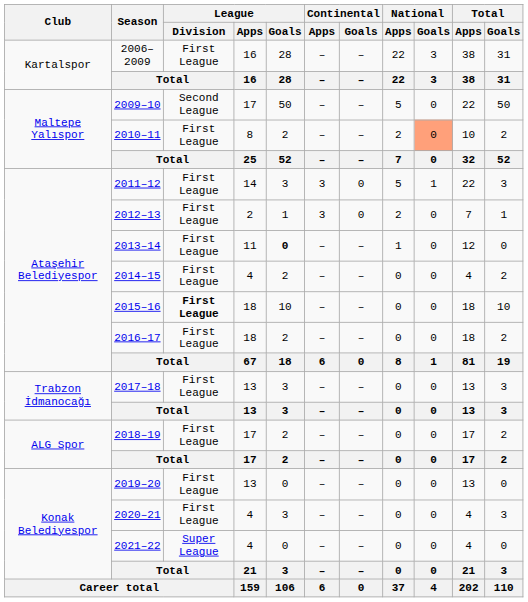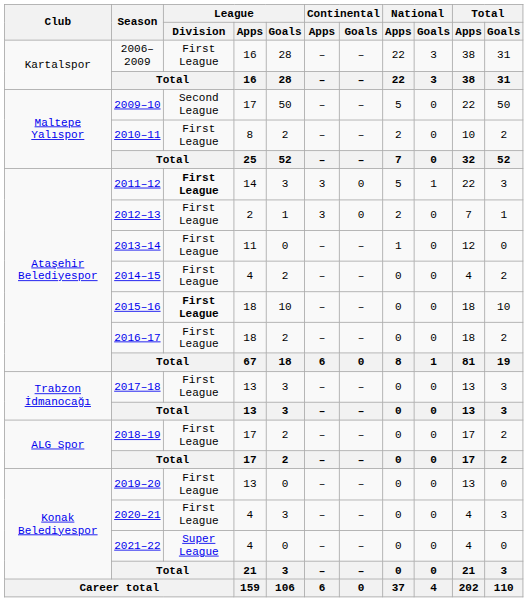 <table class="wikitable" style="text-align: center;">
 <tr>
 <th rowspan=2>Club</th>
 <th rowspan=2>Season</th>
 <th colspan=3>League</th>
 <th colspan=2>Continental</th>
 <th colspan=2>National</th>
 <th colspan=2>Total</th>
 </tr>
 <tr>
 <th>Division</th>
 <th>Apps</th>
 <th>Goals</th>
 <th>Apps</th>
 <th>Goals</th>
 <th>Apps</th>
 <th>Goals</th>
 <th>Apps</th>
 <th>Goals</th>
 </tr>
 <tr>
 <td rowspan=2>Kartalspor</td>
 <td>2006–2009</td>
 <td>First League</td>
 <td>16</td>
 <td>28</td>
 <td>–</td>
 <td>–</td>
 <td>22</td>
 <td>3</td>
 <td>38</td>
 <td>31</td>
 </tr>
 <tr>
 <th colspan=2>Total</th>
 <th>16</th>
 <th>28</th>
 <th>–</th>
 <th>–</th>
 <th>22</th>
 <th>3</th>
 <th>38</th>
 <th>31</th>
 </tr>
 <tr>
 <td rowspan=3><a href='#'>Maltepe Yalıspor</a></td>
 <td><a href='#'>2009–10</a></td>
 <td>Second League</td>
 <td>17</td>
 <td>50</td>
 <td>–</td>
 <td>–</td>
 <td>5</td>
 <td>0</td>
 <td>22</td>
 <td>50</td>
 </tr>
 <tr>
 <td><a href='#'>2010–11</a></td>
 <td>First League</td>
 <td>8</td>
 <td>2</td>
 <td>–</td>
 <td>–</td>
 <td>2</td>
-<td style="background: lightsalmon;">0</td>
+<td>0</td>
 <td>10</td>
 <td>2</td>
 </tr>
 <tr>
 <th colspan=2>Total</th>
 <th>25</th>
 <th>52</th>
 <th>–</th>
 <th>–</th>
 <th>7</th>
 <th>0</th>
 <th>32</th>
 <th>52</th>
 </tr>
 <tr>
 <td rowspan=7><a href='#'>Ataşehir Belediyespor</a></td>
 <td><a href='#'>2011–12</a></td>
-<td>First League</td>
+<td><strong>First League</strong></td>
 <td>14</td>
 <td>3</td>
 <td>3</td>
 <td>0</td>
 <td>5</td>
 <td>1</td>
 <td>22</td>
 <td>3</td>
 </tr>
 <tr>
 <td><a href='#'>2012–13</a></td>
 <td>First League</td>
 <td>2</td>
 <td>1</td>
 <td>3</td>
 <td>0</td>
 <td>2</td>
 <td>0</td>
 <td>7</td>
 <td>1</td>
 </tr>
 <tr>
 <td><a href='#'>2013–14</a></td>
 <td>First League</td>
 <td>11</td>
-<td><strong>0</strong></td>
+<td>0</td>
 <td>–</td>
 <td>–</td>
 <td>1</td>
 <td>0</td>
 <td>12</td>
 <td>0</td>
 </tr>
 <tr>
 <td><a href='#'>2014–15</a></td>
 <td>First League</td>
 <td>4</td>
 <td>2</td>
 <td>–</td>
 <td>–</td>
 <td>0</td>
 <td>0</td>
 <td>4</td>
 <td>2</td>
 </tr>
 <tr>
 <td><a href='#'>2015–16</a></td>
 <td><strong>First League</strong></td>
 <td>18</td>
 <td>10</td>
 <td>–</td>
 <td>–</td>
 <td>0</td>
 <td>0</td>
 <td>18</td>
 <td>10</td>
 </tr>
 <tr>
 <td><a href='#'>2016–17</a></td>
 <td>First League</td>
 <td>18</td>
 <td>2</td>
 <td>–</td>
 <td>–</td>
 <td>0</td>
 <td>0</td>
 <td>18</td>
 <td>2</td>
 </tr>
 <tr>
 <th colspan=2>Total</th>
 <th>67</th>
 <th>18</th>
 <th>6</th>
 <th>0</th>
 <th>8</th>
 <th>1</th>
 <th>81</th>
 <th>19</th>
 </tr>
 <tr>
 <td rowspan=2><a href='#'>Trabzon İdmanocağı</a></td>
 <td><a href='#'>2017–18</a></td>
 <td>First League</td>
 <td>13</td>
 <td>3</td>
 <td>–</td>
 <td>–</td>
 <td>0</td>
 <td>0</td>
 <td>13</td>
 <td>3</td>
 </tr>
 <tr>
 <th colspan=2>Total</th>
 <th>13</th>
 <th>3</th>
 <th>–</th>
 <th>–</th>
 <th>0</th>
 <th>0</th>
 <th>13</th>
 <th>3</th>
 </tr>
 <tr>
 <td rowspan=2><a href='#'>ALG Spor</a></td>
 <td><a href='#'>2018–19</a></td>
 <td>First League</td>
 <td>17</td>
 <td>2</td>
 <td>–</td>
 <td>–</td>
 <td>0</td>
 <td>0</td>
 <td>17</td>
 <td>2</td>
 </tr>
 <tr>
 <th colspan=2>Total</th>
 <th>17</th>
 <th>2</th>
 <th>–</th>
 <th>–</th>
 <th>0</th>
 <th>0</th>
 <th>17</th>
 <th>2</th>
 </tr>
 <tr>
 <td rowspan=4><a href='#'>Konak Belediyespor</a></td>
 <td><a href='#'>2019–20</a></td>
 <td>First League</td>
 <td>13</td>
 <td>0</td>
 <td>–</td>
 <td>–</td>
 <td>0</td>
 <td>0</td>
 <td>13</td>
 <td>0</td>
 </tr>
 <tr>
 <td><a href='#'>2020–21</a></td>
 <td>First League</td>
 <td>4</td>
 <td>3</td>
 <td>–</td>
 <td>–</td>
 <td>0</td>
 <td>0</td>
 <td>4</td>
 <td>3</td>
 </tr>
 <tr>
 <td><a href='#'>2021–22</a></td>
 <td><a href='#'>Super League</a></td>
 <td>4</td>
 <td>0</td>
 <td>–</td>
 <td>–</td>
 <td>0</td>
 <td>0</td>
 <td>4</td>
 <td>0</td>
 </tr>
 <tr>
 <th colspan=2>Total</th>
 <th>21</th>
 <th>3</th>
 <th>–</th>
 <th>–</th>
 <th>0</th>
 <th>0</th>
 <th>21</th>
 <th>3</th>
 </tr>
 <tr>
 <th colspan=3>Career total</th>
 <th>159</th>
 <th>106</th>
 <th>6</th>
 <th>0</th>
 <th>37</th>
 <th>4</th>
 <th>202</th>
 <th>110</th>
 </tr>
 </table>
